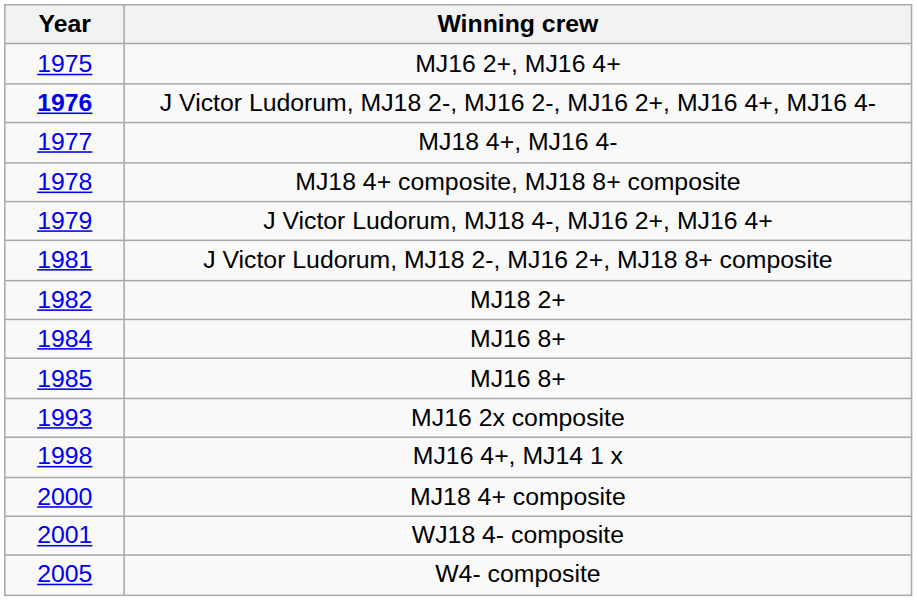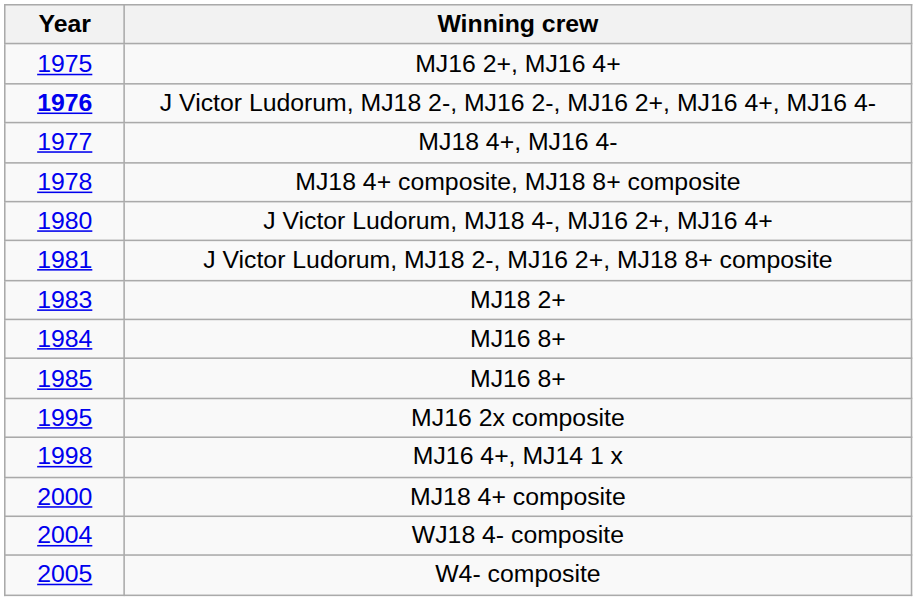 <table class="wikitable" style="text-align:center">
 <tr>
 <th width=70>Year</th>
 <th width=500>Winning crew</th>
 </tr>
 <tr>
 <td><a href='#'>1975</a></td>
 <td>MJ16 2+, MJ16 4+</td>
 </tr>
 <tr>
 <td><strong><a href='#'>1976</a></strong></td>
 <td>J Victor Ludorum, MJ18 2-, MJ16 2-, MJ16 2+, MJ16 4+, MJ16 4-</td>
 </tr>
 <tr>
 <td><a href='#'>1977</a></td>
 <td>MJ18 4+, MJ16 4-</td>
 </tr>
 <tr>
 <td><a href='#'>1978</a></td>
 <td>MJ18 4+ composite, MJ18 8+ composite</td>
 </tr>
 <tr>
-<td><a href='#'>1979</a></td>
+<td><a href='#'>1980</a></td>
 <td>J Victor Ludorum, MJ18 4-, MJ16 2+, MJ16 4+</td>
 </tr>
 <tr>
 <td><a href='#'>1981</a></td>
 <td>J Victor Ludorum, MJ18 2-, MJ16 2+, MJ18 8+ composite</td>
 </tr>
 <tr>
-<td><a href='#'>1982</a></td>
+<td><a href='#'>1983</a></td>
 <td>MJ18 2+</td>
 </tr>
 <tr>
 <td><a href='#'>1984</a></td>
 <td>MJ16 8+</td>
 </tr>
 <tr>
 <td><a href='#'>1985</a></td>
 <td>MJ16 8+</td>
 </tr>
 <tr>
-<td><a href='#'>1993</a></td>
+<td><a href='#'>1995</a></td>
 <td>MJ16 2x composite</td>
 </tr>
 <tr>
 <td><a href='#'>1998</a></td>
 <td>MJ16 4+, MJ14 1 x</td>
 </tr>
 <tr>
 <td><a href='#'>2000</a></td>
 <td>MJ18 4+ composite</td>
 </tr>
 <tr>
-<td><a href='#'>2001</a></td>
+<td><a href='#'>2004</a></td>
 <td>WJ18 4- composite</td>
 </tr>
 <tr>
 <td><a href='#'>2005</a></td>
 <td>W4- composite</td>
 </tr>
 </table>
